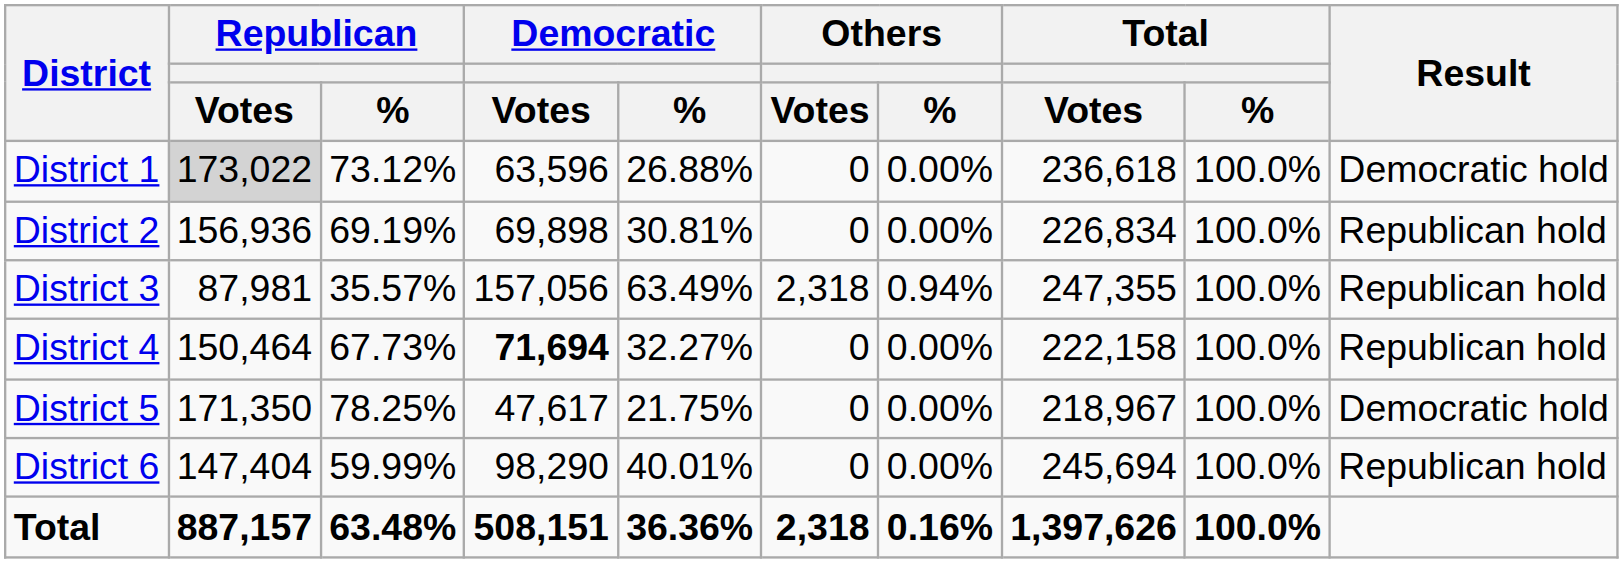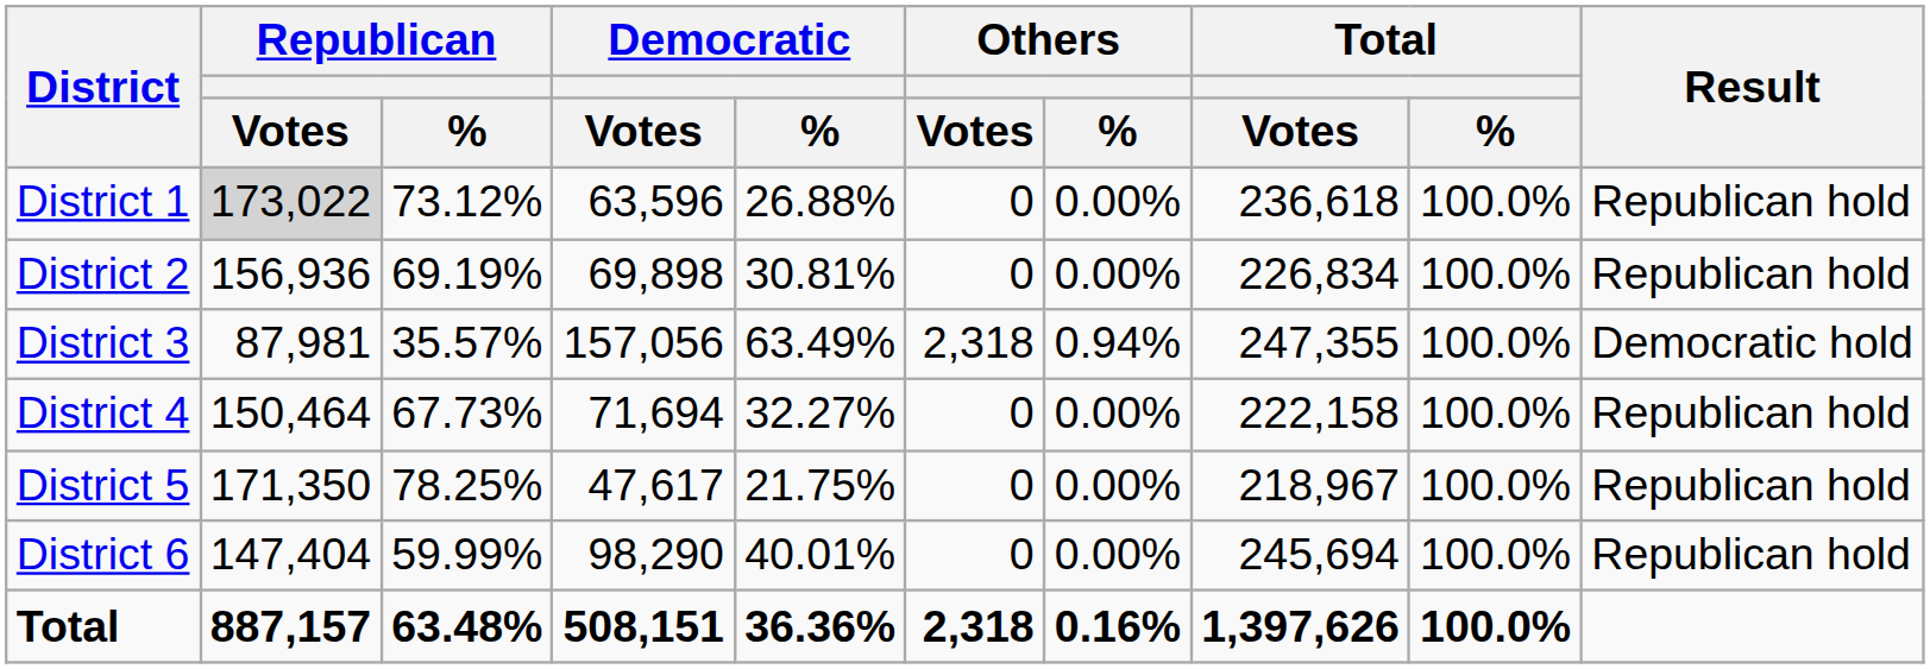 <table class="wikitable plainrowheaders sortable" style="font-size:100%; text-align:right;">
 <tr>
 <th scope=col rowspan=3><a href='#'>District</a></th>
 <th scope=col colspan=2><a href='#'>Republican</a></th>
 <th scope=col colspan=2><a href='#'>Democratic</a></th>
 <th scope=col colspan=2>Others</th>
 <th scope=col colspan=2>Total</th>
 <th scope=col rowspan=3>Result</th>
 </tr>
 <tr>
 <th scope=col colspan=2 style="background:"></th>
 <th scope=col colspan=2 style="background:"></th>
 <th scope=col colspan=2></th>
 <th scope=col colspan=2></th>
 </tr>
 <tr>
 <th scope=col data-sort-type="number">Votes</th>
 <th scope=col data-sort-type="number">%</th>
 <th scope=col data-sort-type="number">Votes</th>
 <th scope=col data-sort-type="number">%</th>
 <th scope=col data-sort-type="number">Votes</th>
 <th scope=col data-sort-type="number">%</th>
 <th scope=col data-sort-type="number">Votes</th>
 <th scope=col data-sort-type="number">%</th>
 </tr>
 <tr>
 <td align=left><a href='#'>District 1</a></td>
 <td style="background: lightgrey;">173,022</td>
 <td>73.12%</td>
 <td>63,596</td>
 <td>26.88%</td>
 <td>0</td>
 <td>0.00%</td>
 <td>236,618</td>
 <td>100.0%</td>
-<td align=left>Democratic hold</td>
+<td align=left>Republican hold</td>
 </tr>
 <tr>
 <td align=left><a href='#'>District 2</a></td>
 <td>156,936</td>
 <td>69.19%</td>
 <td>69,898</td>
 <td>30.81%</td>
 <td>0</td>
 <td>0.00%</td>
 <td>226,834</td>
 <td>100.0%</td>
 <td align=left>Republican hold</td>
 </tr>
 <tr>
 <td align=left><a href='#'>District 3</a></td>
 <td>87,981</td>
 <td>35.57%</td>
 <td>157,056</td>
 <td>63.49%</td>
 <td>2,318</td>
 <td>0.94%</td>
 <td>247,355</td>
 <td>100.0%</td>
-<td align=left>Republican hold</td>
+<td align=left>Democratic hold</td>
 </tr>
 <tr>
 <td align=left><a href='#'>District 4</a></td>
 <td>150,464</td>
 <td>67.73%</td>
-<td><strong>71,694</strong></td>
+<td>71,694</td>
 <td>32.27%</td>
 <td>0</td>
 <td>0.00%</td>
 <td>222,158</td>
 <td>100.0%</td>
 <td align=left>Republican hold</td>
 </tr>
 <tr>
 <td align=left><a href='#'>District 5</a></td>
 <td>171,350</td>
 <td>78.25%</td>
 <td>47,617</td>
 <td>21.75%</td>
 <td>0</td>
 <td>0.00%</td>
 <td>218,967</td>
 <td>100.0%</td>
-<td align=left>Democratic hold</td>
+<td align=left>Republican hold</td>
 </tr>
 <tr>
 <td align=left><a href='#'>District 6</a></td>
 <td>147,404</td>
 <td>59.99%</td>
 <td>98,290</td>
 <td>40.01%</td>
 <td>0</td>
 <td>0.00%</td>
 <td>245,694</td>
 <td>100.0%</td>
 <td align=left>Republican hold</td>
 </tr>
 <tr class="sortbottom" style="font-weight:bold">
 <td align=left>Total</td>
 <td>887,157</td>
 <td>63.48%</td>
 <td>508,151</td>
 <td>36.36%</td>
 <td>2,318</td>
 <td>0.16%</td>
 <td>1,397,626</td>
 <td>100.0%</td>
 <td></td>
 </tr>
 </table>
